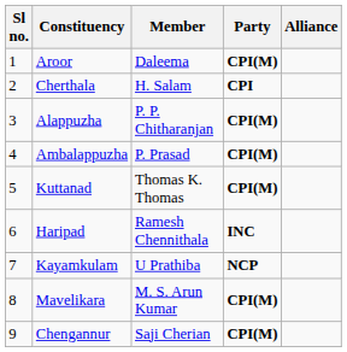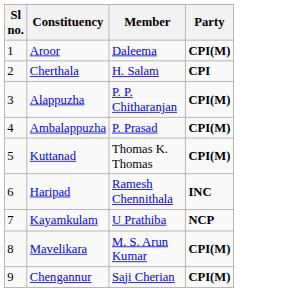 <table class="wikitable sortable" style="font-size:95%;">
 <tr>
 <th width="20px">Sl no.</th>
 <th width="75px">Constituency</th>
 <th width="85px">Member</th>
 <th width="35px">Party</th>
-<th width="35px">Alliance</th>
 </tr>
 <tr>
 <td>1</td>
 <td><a href='#'>Aroor</a></td>
 <td><a href='#'>Daleema</a></td>
 <td style="background:"><strong>CPI(M)</strong></td>
-<td></td>
 </tr>
 <tr>
 <td>2</td>
 <td><a href='#'>Cherthala</a></td>
 <td><a href='#'>H. Salam</a></td>
 <td style="background:"><strong>CPI</strong></td>
-<td></td>
 </tr>
 <tr>
 <td>3</td>
 <td><a href='#'>Alappuzha</a></td>
 <td><a href='#'>P. P. Chitharanjan</a></td>
 <td style="background:"><strong>CPI(M)</strong></td>
-<td></td>
 </tr>
 <tr>
 <td>4</td>
 <td><a href='#'>Ambalappuzha</a></td>
 <td><a href='#'>P. Prasad</a></td>
 <td style="background:"><strong>CPI(M)</strong></td>
-<td></td>
 </tr>
 <tr>
 <td>5</td>
 <td><a href='#'>Kuttanad</a></td>
 <td>Thomas K. Thomas</td>
 <td style="background:"><strong>CPI(M)</strong></td>
-<td></td>
 </tr>
 <tr>
 <td>6</td>
 <td><a href='#'>Haripad</a></td>
 <td><a href='#'>Ramesh Chennithala</a></td>
 <td style="background-color:"><strong>INC</strong></td>
-<td></td>
 </tr>
 <tr>
 <td>7</td>
 <td><a href='#'>Kayamkulam</a></td>
 <td><a href='#'>U Prathiba</a></td>
 <td style="background:"><strong>NCP</strong></td>
-<td></td>
 </tr>
 <tr>
 <td>8</td>
 <td><a href='#'>Mavelikara</a></td>
 <td><a href='#'>M. S. Arun Kumar</a></td>
 <td style="background:"><strong>CPI(M)</strong></td>
-<td></td>
 </tr>
 <tr>
 <td>9</td>
 <td><a href='#'>Chengannur</a></td>
 <td><a href='#'>Saji Cherian</a></td>
 <td style="background:"><strong>CPI(M)</strong></td>
-<td></td>
 </tr>
 </table>
